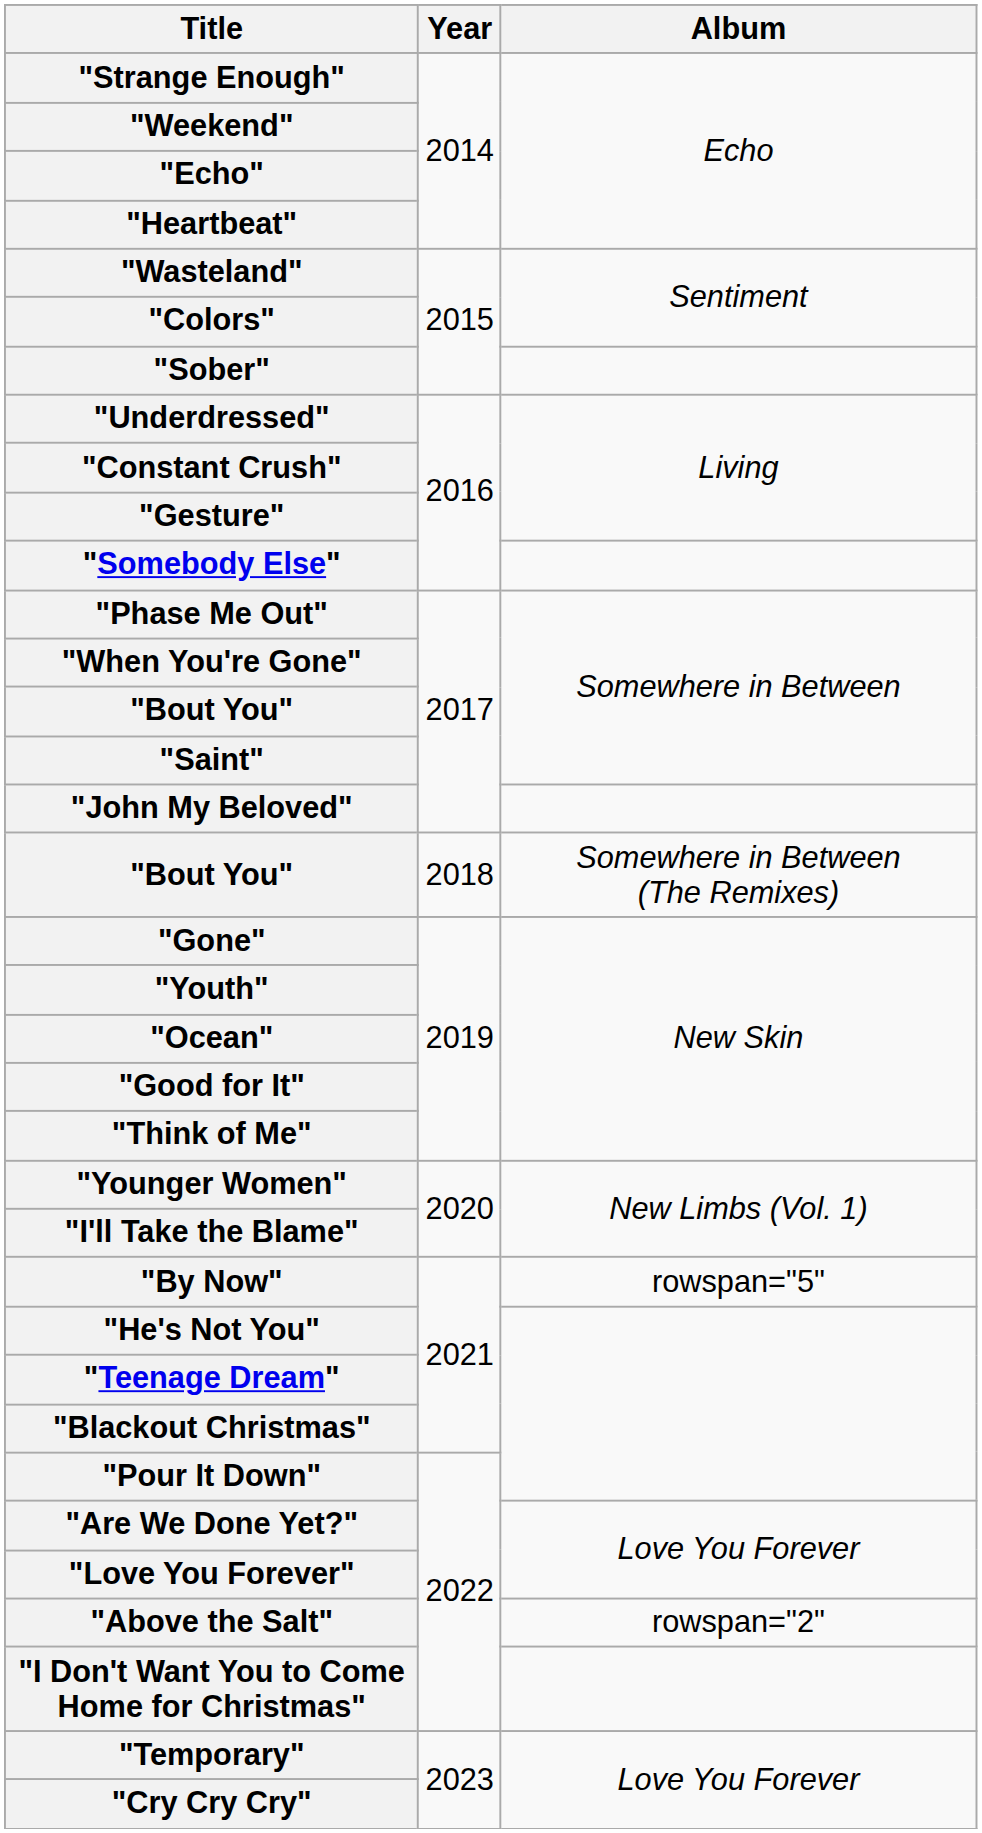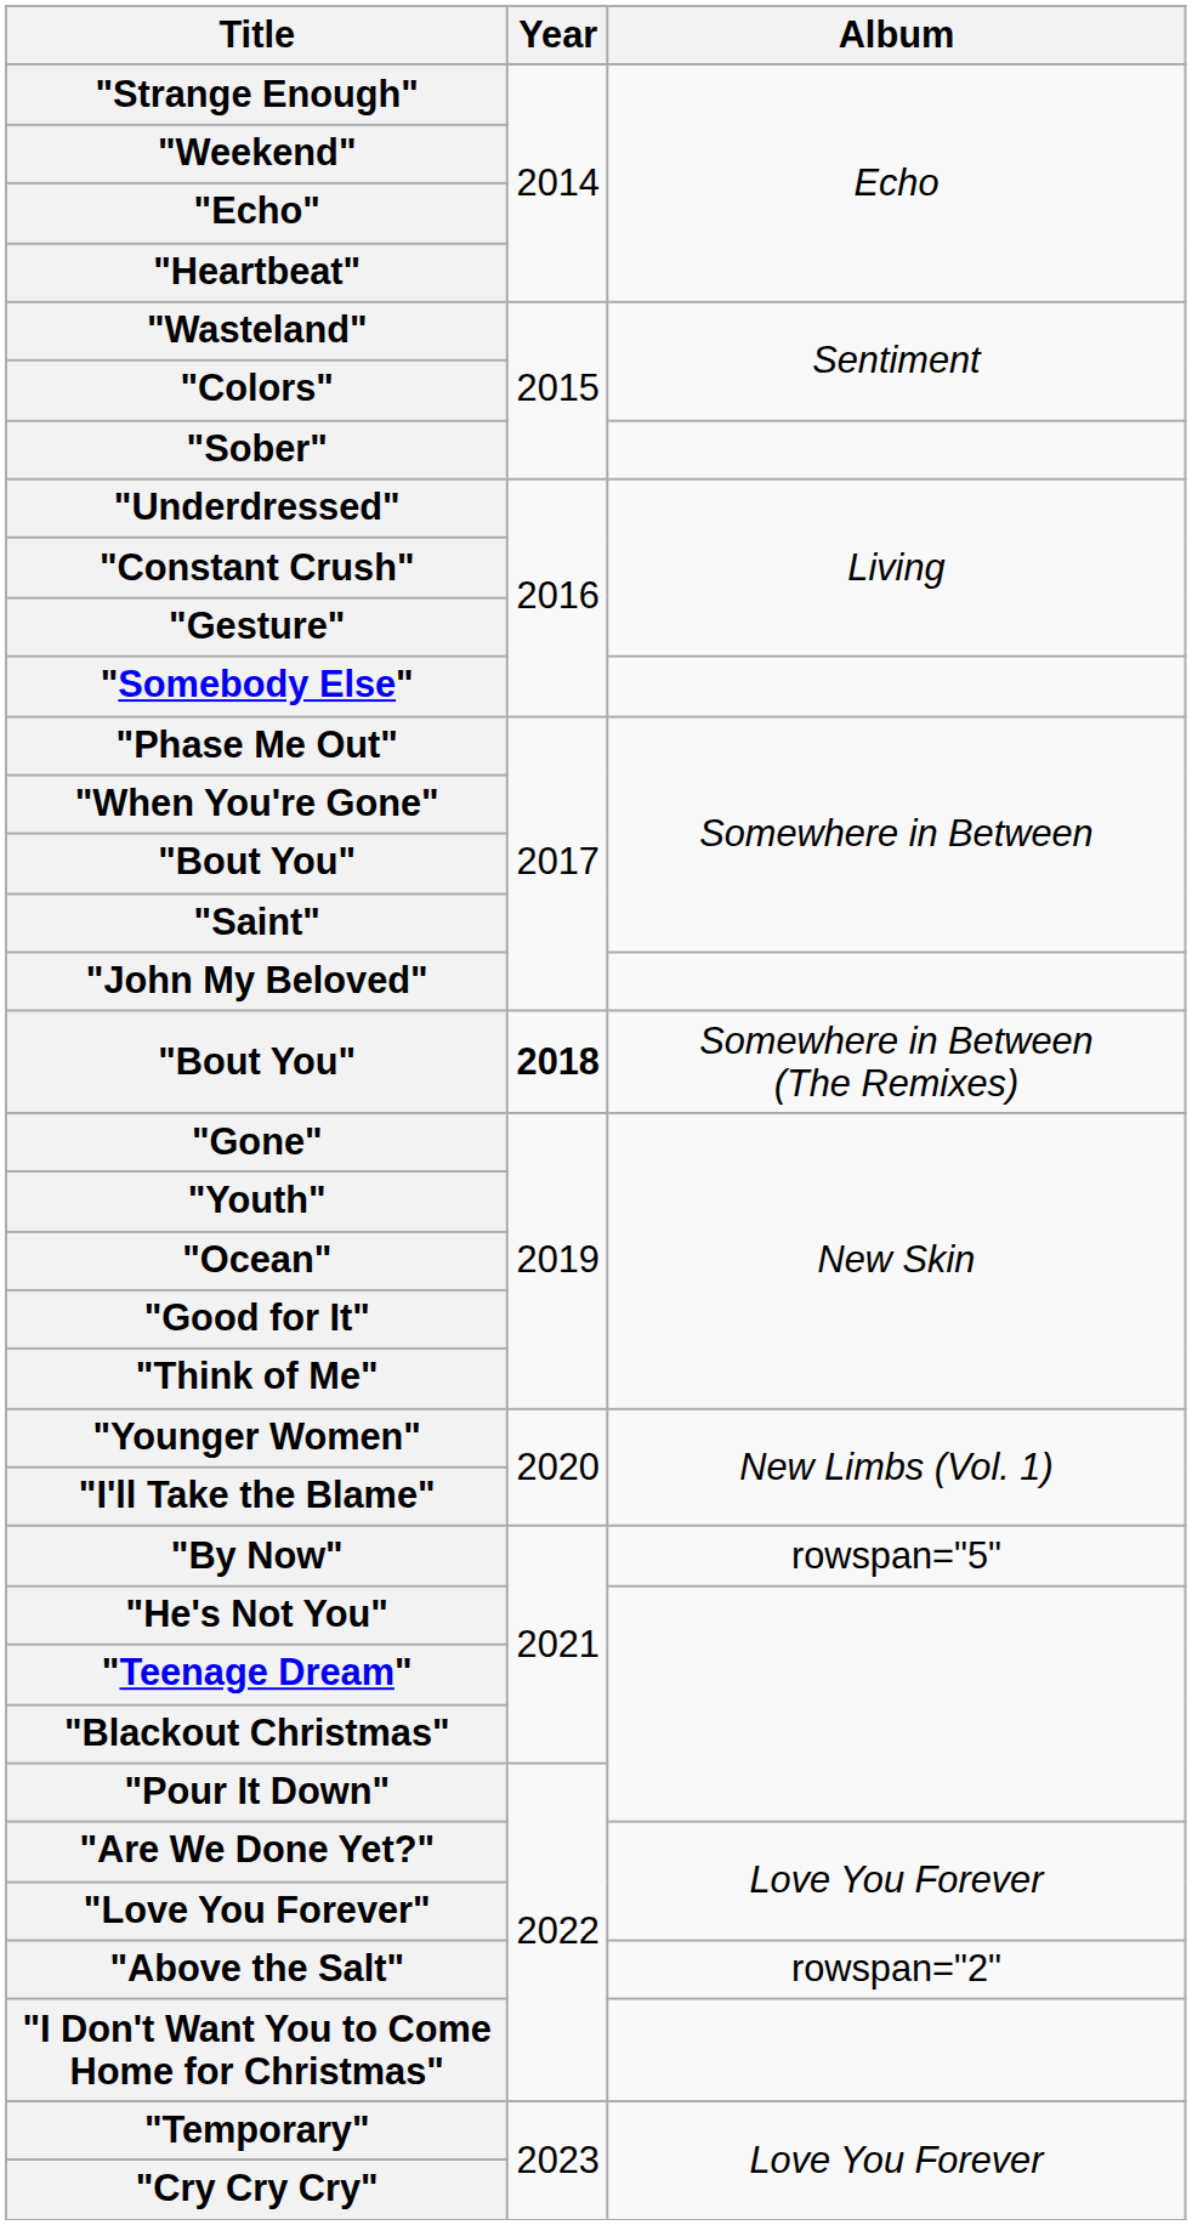 <table class="wikitable plainrowheaders" style="text-align:center">
 <tr>
 <th scope="col" style="width:13em;">Title</th>
 <th scope="col">Year</th>
 <th scope="col" style="width:15em;">Album</th>
 </tr>
 <tr>
 <th scope="row">"Strange Enough"</th>
 <td rowspan="4">2014</td>
 <td rowspan="4"><em>Echo</em></td>
 </tr>
 <tr>
 <th scope="row">"Weekend"</th>
 </tr>
 <tr>
 <th scope="row">"Echo"</th>
 </tr>
 <tr>
 <th scope="row">"Heartbeat"</th>
 </tr>
 <tr>
 <th scope="row">"Wasteland"</th>
 <td rowspan="3">2015</td>
 <td rowspan="2"><em>Sentiment</em></td>
 </tr>
 <tr>
 <th scope="row">"Colors"</th>
 </tr>
 <tr>
 <th scope="row">"Sober"<br></th>
 <td></td>
 </tr>
 <tr>
 <th scope="row">"Underdressed"</th>
 <td rowspan="4">2016</td>
 <td rowspan="3"><em>Living</em></td>
 </tr>
 <tr>
 <th scope="row">"Constant Crush"</th>
 </tr>
 <tr>
 <th scope="row">"Gesture"</th>
 </tr>
 <tr>
 <th scope="row">"<a href='#'>Somebody Else</a>"<br></th>
 <td></td>
 </tr>
 <tr>
 <th scope="row">"Phase Me Out"</th>
 <td rowspan="5">2017</td>
 <td rowspan="4"><em>Somewhere in Between</em></td>
 </tr>
 <tr>
 <th scope="row">"When You're Gone"</th>
 </tr>
 <tr>
 <th scope="row">"Bout You"</th>
 </tr>
 <tr>
 <th scope="row">"Saint"</th>
 </tr>
 <tr>
 <th scope="row">"John My Beloved"<br></th>
 <td></td>
 </tr>
 <tr>
 <th scope="row">"Bout You"<br></th>
-<td>2018</td>
+<td><strong>2018</strong></td>
 <td><em>Somewhere in Between<br>(The Remixes)</em></td>
 </tr>
 <tr>
 <th scope="row">"Gone"</th>
 <td rowspan="5">2019</td>
 <td rowspan="5"><em>New Skin</em></td>
 </tr>
 <tr>
 <th scope="row">"Youth"</th>
 </tr>
 <tr>
 <th scope="row">"Ocean"</th>
 </tr>
 <tr>
 <th scope="row">"Good for It"</th>
 </tr>
 <tr>
 <th scope="row">"Think of Me"</th>
 </tr>
 <tr>
 <th scope="row">"Younger Women"</th>
 <td rowspan="2">2020</td>
 <td rowspan="2"><em>New Limbs (Vol. 1)</em></td>
 </tr>
 <tr>
 <th scope="row">"I'll Take the Blame"</th>
 </tr>
 <tr>
 <th scope="row">"By Now"</th>
 <td rowspan="4">2021</td>
 <td>rowspan="5" </td>
 </tr>
 <tr>
 <th scope="row">"He's Not You"</th>
 </tr>
 <tr>
 <th scope="row">"<a href='#'>Teenage Dream</a>"<br></th>
 </tr>
 <tr>
 <th scope="row">"Blackout Christmas"</th>
 </tr>
 <tr>
 <th scope="row">"Pour It Down"<br></th>
 <td rowspan="5">2022</td>
 </tr>
 <tr>
 <th scope="row">"Are We Done Yet?"</th>
 <td rowspan="2"><em>Love You Forever</em></td>
 </tr>
 <tr>
 <th scope="row">"Love You Forever"</th>
 </tr>
 <tr>
 <th scope="row">"Above the Salt"<br></th>
 <td>rowspan="2" </td>
 </tr>
 <tr>
 <th scope="row">"I Don't Want You to Come Home for Christmas"</th>
 </tr>
 <tr>
 <th scope="row">"Temporary"</th>
 <td rowspan="2">2023</td>
 <td rowspan="2"><em>Love You Forever</em></td>
 </tr>
 <tr>
 <th scope="row">"Cry Cry Cry"</th>
 </tr>
 </table>
